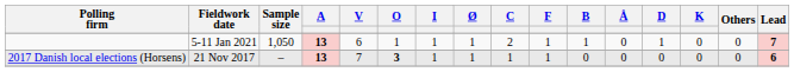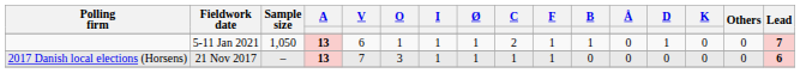 <table class="wikitable sortable mw-datatable" style="text-align:center;font-size:90%;line-height:14px;">
 <tr>
 <th rowspan="2">Polling<br>firm</th>
 <th rowspan="2">Fieldwork<br>date</th>
 <th rowspan="2">Sample<br>size</th>
 <th class="unsortable" style="width:40px;"><a href='#'>A</a></th>
 <th class="unsortable" style="width:40px;"><a href='#'>V</a></th>
 <th class="unsortable" style="width:40px;"><a href='#'>O</a></th>
 <th class="unsortable" style="width:40px;"><a href='#'>I</a></th>
 <th class="unsortable" style="width:40px;"><a href='#'>Ø</a></th>
 <th class="unsortable" style="width:40px;"><a href='#'>C</a></th>
 <th class="unsortable" style="width:40px;"><a href='#'>F</a></th>
 <th class="unsortable" style="width:40px;"><a href='#'>B</a></th>
 <th class="unsortable" style="width:40px;"><a href='#'>Å</a></th>
 <th class="unsortable" style="width:40px;"><a href='#'>D</a></th>
 <th class="unsortable" style="width:40px;"><a href='#'>K</a></th>
 <th class="unsortable" style="width:40px;" rowspan="2">Others</th>
 <th rowspan="2">Lead</th>
 </tr>
 <tr>
 <th data-sort-type="number" style="background:"></th>
 <th data-sort-type="number" style="background:"></th>
 <th data-sort-type="number" style="background:"></th>
 <th data-sort-type="number" style="background:"></th>
 <th data-sort-type="number" style="background:"></th>
 <th data-sort-type="number" style="background:"></th>
 <th data-sort-type="number" style="background:"></th>
 <th data-sort-type="number" style="background:"></th>
 <th data-sort-type="number" style="background:"></th>
 <th data-sort-type="number" style="background:"></th>
 <th data-sort-type="number" style="background:"></th>
 </tr>
 <tr>
 </tr>
 <tr>
 <td></td>
 <td>5-11 Jan 2021</td>
 <td>1,050</td>
 <td style="background:#FACECD;"><strong>13</strong></td>
 <td>6</td>
 <td>1</td>
 <td>1</td>
 <td>1</td>
 <td>2</td>
 <td>1</td>
 <td>1</td>
 <td>0</td>
 <td>1</td>
 <td>0</td>
 <td>0</td>
 <td style="background:#FACECD;"><strong>7</strong></td>
 </tr>
 <tr>
 </tr>
 <tr>
 <td style="background:#E9E9E9;"><a href='#'>2017 Danish local elections</a> (Horsens)</td>
 <td style="background:#E9E9E9;" data-sort-value="2017-11-21">21 Nov 2017</td>
 <td style="background:#E9E9E9;">–</td>
 <td style="background:#FACECD;"><strong>13</strong></td>
 <td style="background:#E9E9E9;">7</td>
-<td style="background:#E9E9E9;"><strong>3</strong></td>
+<td style="background:#E9E9E9;">3</td>
 <td style="background:#E9E9E9;">1</td>
 <td style="background:#E9E9E9;">1</td>
 <td style="background:#E9E9E9;">1</td>
 <td style="background:#E9E9E9;">1</td>
 <td style="background:#E9E9E9;">0</td>
 <td style="background:#E9E9E9;">0</td>
 <td style="background:#E9E9E9;">0</td>
 <td style="background:#E9E9E9;">0</td>
 <td style="background:#E9E9E9;">0</td>
 <td style="background:#FACECD;"><strong>6</strong></td>
 </tr>
 <tr>
 </tr>
 </table>
